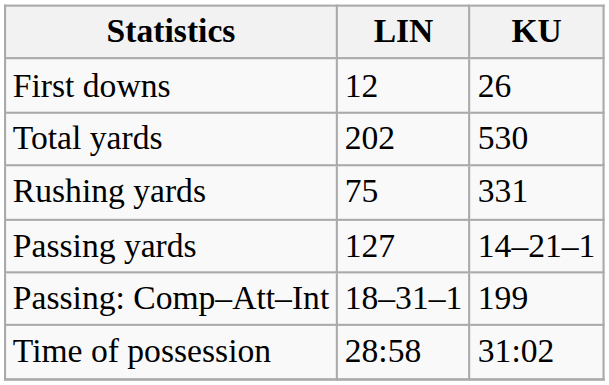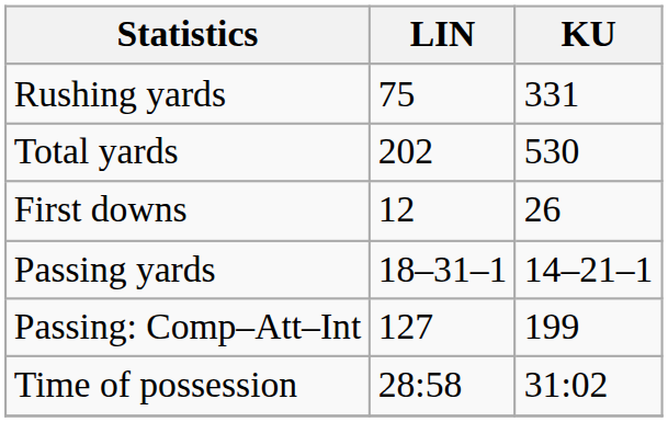 <table class="wikitable" style="float: left;">
 <tr>
 <th>Statistics</th>
 <th>LIN</th>
 <th>KU</th>
 </tr>
 <tr>
-<td>First downs</td>
-<td>12</td>
-<td>26</td>
+<td>Rushing yards</td>
+<td>75</td>
+<td>331</td>
 </tr>
 <tr>
 <td>Total yards</td>
 <td>202</td>
 <td>530</td>
 </tr>
 <tr>
-<td>Rushing yards</td>
-<td>75</td>
-<td>331</td>
+<td>First downs</td>
+<td>12</td>
+<td>26</td>
 </tr>
 <tr>
 <td>Passing yards</td>
-<td>127</td>
+<td>18–31–1</td>
 <td>14–21–1</td>
 </tr>
 <tr>
 <td>Passing: Comp–Att–Int</td>
-<td>18–31–1</td>
+<td>127</td>
 <td>199</td>
 </tr>
 <tr>
 <td>Time of possession</td>
 <td>28:58</td>
 <td>31:02</td>
 </tr>
 <tr>
 </tr>
 </table>
